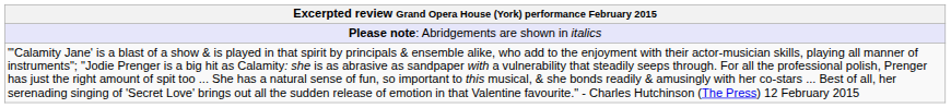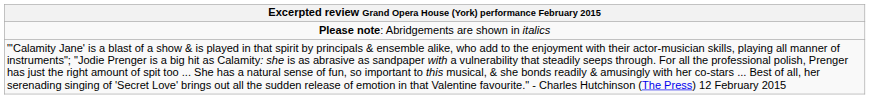 <table class="wikitable floatright collapsible collapsed">
 <tr>
 <th>Excerpted review <small>Grand Opera House (York) performance February 2015</small></th>
 </tr>
 <tr>
-<td style="background: lavender; text-align:center;"><strong>Please note</strong>: Abridgements are shown in <em>italics</em></td>
+<td style="text-align:center;"><strong>Please note</strong>: Abridgements are shown in <em>italics</em></td>
 </tr>
 <tr>
 <td>"'Calamity Jane' is a blast of a show & is played in that spirit by principals & ensemble alike, who add to the enjoyment with their actor-musician skills, playing all manner of instruments"; "Jodie Prenger is a big hit as Calamity<em>: she</em> is as abrasive as sandpaper <em>with</em> a vulnerability that steadily seeps through. For all the professional polish, Prenger has just the right amount of spit too ... She has a natural sense of fun, so important to <em>this</em> musical, & she bonds readily & amusingly with her co-stars ... Best of all, her serenading singing of 'Secret Love' brings out all the sudden release of emotion in that Valentine favourite." - Charles Hutchinson (<a href='#'>The Press</a>) 12 February 2015 </td>
 </tr>
 </table>
